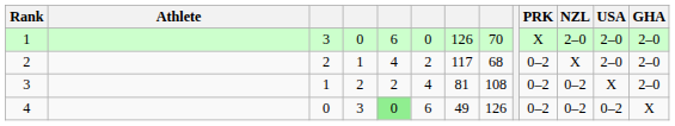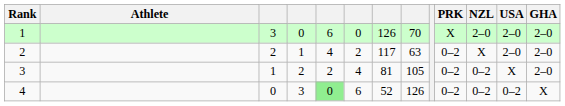 <table class="wikitable" style="text-align:center">
 <tr>
 <th width=40>Rank</th>
 <th width=280>Athlete</th>
 <th width=30></th>
 <th width=30></th>
 <th width=30></th>
 <th width=30></th>
 <th width=30></th>
 <th width=30></th>
 <th rowspan=5></th>
 <th width=30>PRK</th>
 <th width=30>NZL</th>
 <th width=30>USA</th>
 <th width=30>GHA</th>
 </tr>
 <tr style="background-color:#ccffcc;">
 <td>1</td>
 <td align=left></td>
 <td>3</td>
 <td>0</td>
 <td>6</td>
 <td>0</td>
 <td>126</td>
 <td>70</td>
 <td>X</td>
 <td>2–0</td>
 <td>2–0</td>
 <td>2–0</td>
 </tr>
 <tr>
 <td>2</td>
 <td align=left></td>
 <td>2</td>
 <td>1</td>
 <td>4</td>
 <td>2</td>
 <td>117</td>
-<td>68</td>
+<td>63</td>
 <td>0–2</td>
 <td>X</td>
 <td>2–0</td>
 <td>2–0</td>
 </tr>
 <tr>
 <td>3</td>
 <td align=left></td>
 <td>1</td>
 <td>2</td>
 <td>2</td>
 <td>4</td>
 <td>81</td>
-<td>108</td>
+<td>105</td>
 <td>0–2</td>
 <td>0–2</td>
 <td>X</td>
 <td>2–0</td>
 </tr>
 <tr>
 <td>4</td>
 <td align=left></td>
 <td>0</td>
 <td>3</td>
 <td style="background: lightgreen;">0</td>
 <td>6</td>
-<td>49</td>
+<td>52</td>
 <td>126</td>
 <td>0–2</td>
 <td>0–2</td>
 <td>0–2</td>
 <td>X</td>
 </tr>
 </table>
